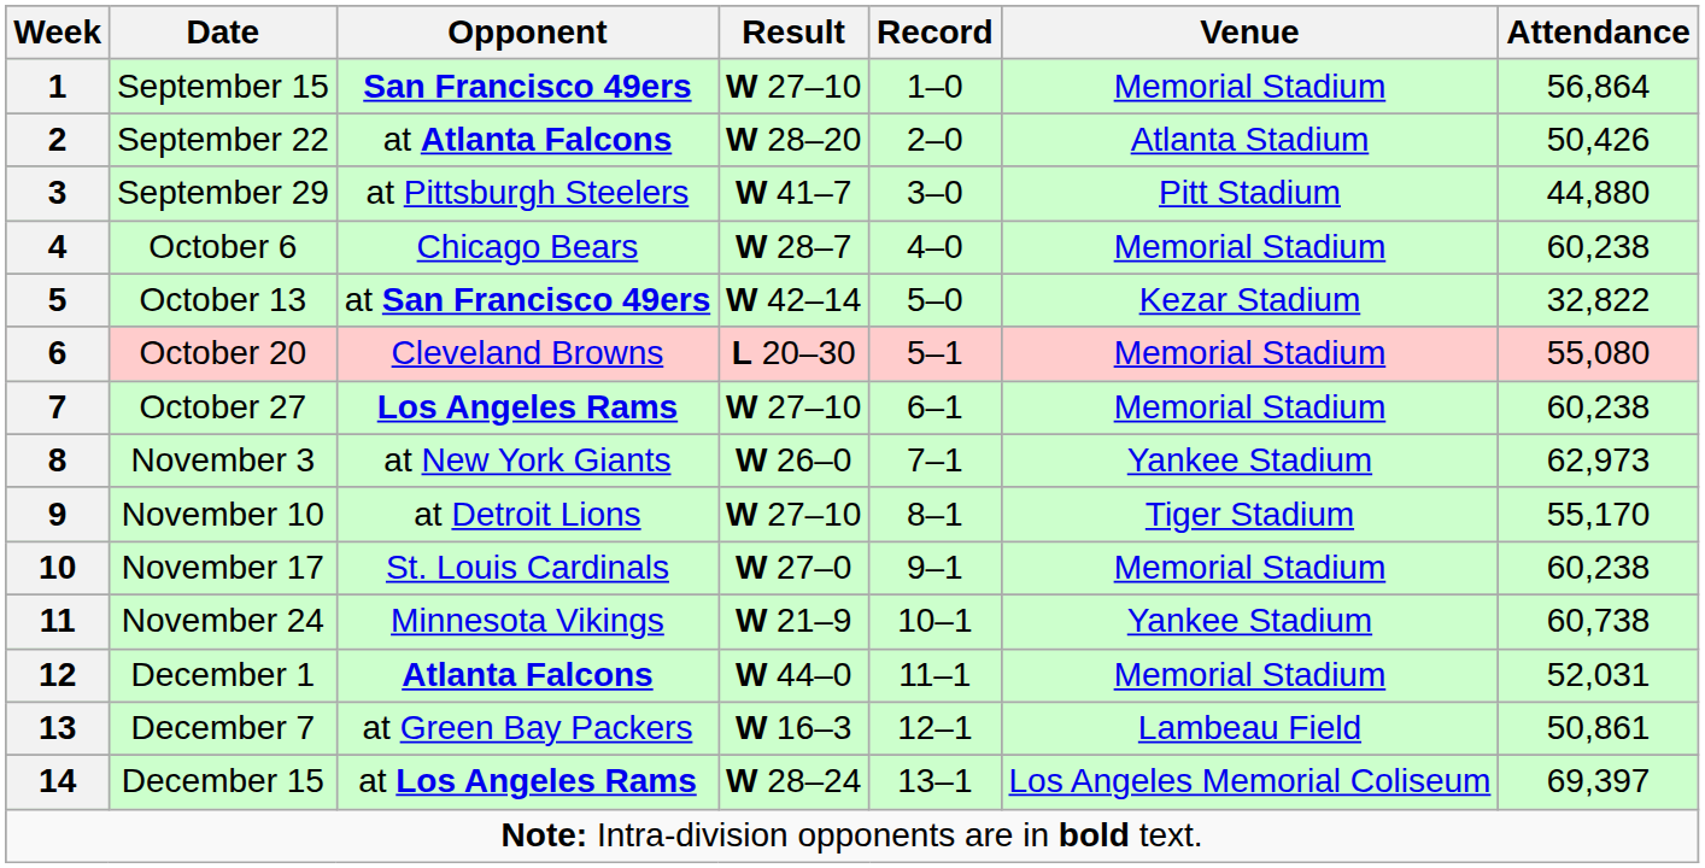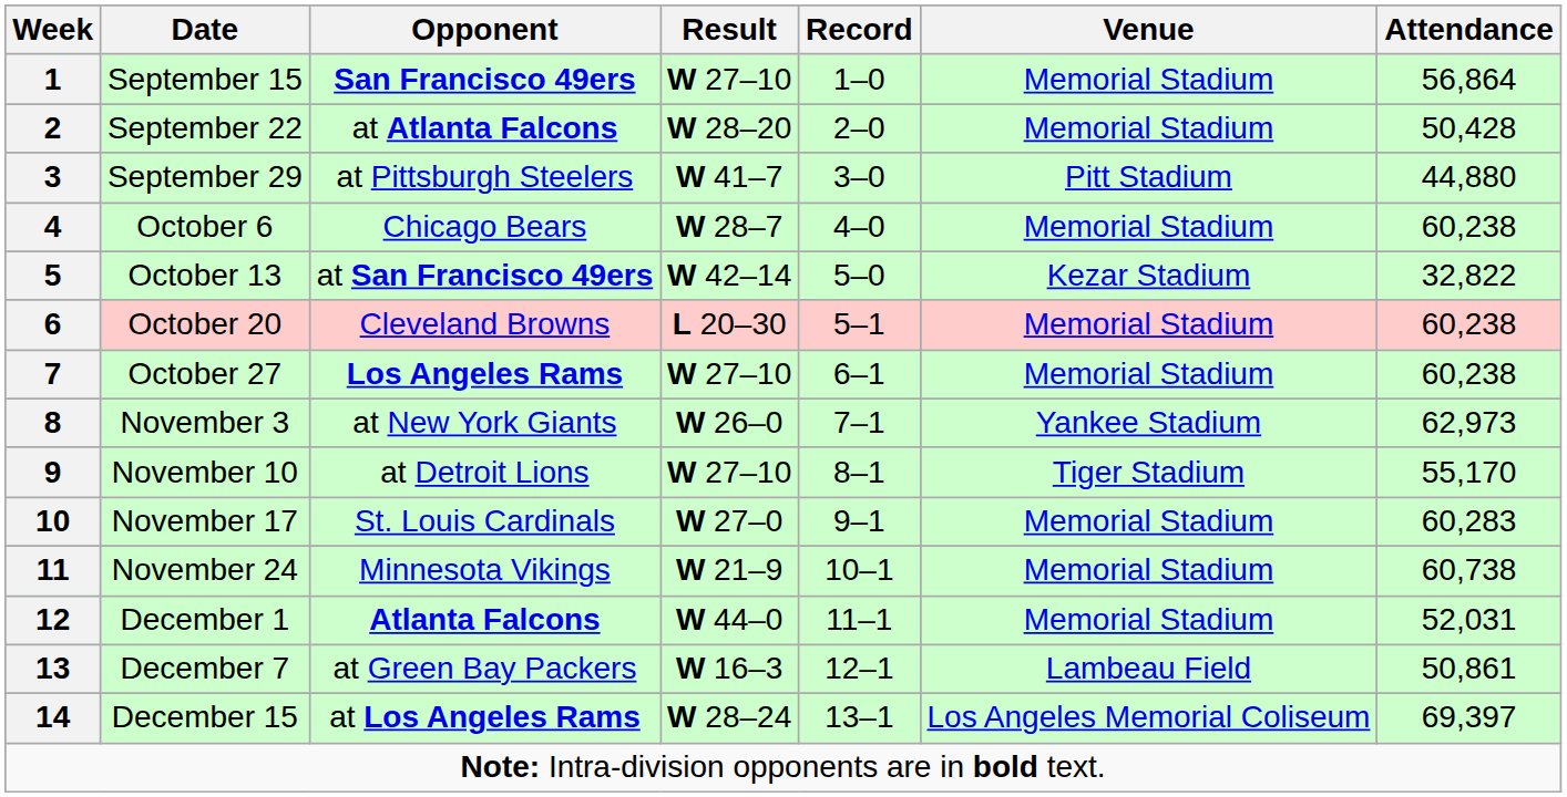 <table class="wikitable" style="text-align:center">
 <tr>
 <th>Week</th>
 <th>Date</th>
 <th>Opponent</th>
 <th>Result</th>
 <th>Record</th>
 <th>Venue</th>
 <th>Attendance</th>
 </tr>
 <tr style="background:#cfc">
 <th>1</th>
 <td>September 15</td>
 <td><strong><a href='#'>San Francisco 49ers</a></strong></td>
 <td><strong>W</strong> 27–10</td>
 <td>1–0</td>
 <td><a href='#'>Memorial Stadium</a></td>
 <td>56,864</td>
 </tr>
 <tr style="background:#cfc">
 <th>2</th>
 <td>September 22</td>
 <td>at <strong><a href='#'>Atlanta Falcons</a></strong></td>
 <td><strong>W</strong> 28–20</td>
 <td>2–0</td>
-<td><a href='#'>Atlanta Stadium</a></td>
-<td>50,426</td>
+<td><a href='#'>Memorial Stadium</a></td>
+<td>50,428</td>
 </tr>
 <tr style="background:#cfc">
 <th>3</th>
 <td>September 29</td>
 <td>at <a href='#'>Pittsburgh Steelers</a></td>
 <td><strong>W</strong> 41–7</td>
 <td>3–0</td>
 <td><a href='#'>Pitt Stadium</a></td>
 <td>44,880</td>
 </tr>
 <tr style="background:#cfc">
 <th>4</th>
 <td>October 6</td>
 <td><a href='#'>Chicago Bears</a></td>
 <td><strong>W</strong> 28–7</td>
 <td>4–0</td>
 <td><a href='#'>Memorial Stadium</a></td>
 <td>60,238</td>
 </tr>
 <tr style="background:#cfc">
 <th>5</th>
 <td>October 13</td>
 <td>at <strong><a href='#'>San Francisco 49ers</a></strong></td>
 <td><strong>W</strong> 42–14</td>
 <td>5–0</td>
 <td><a href='#'>Kezar Stadium</a></td>
 <td>32,822</td>
 </tr>
 <tr style="background:#fcc">
 <th>6</th>
 <td>October 20</td>
 <td><a href='#'>Cleveland Browns</a></td>
 <td><strong>L</strong> 20–30</td>
 <td>5–1</td>
 <td><a href='#'>Memorial Stadium</a></td>
-<td>55,080</td>
+<td>60,238</td>
 </tr>
 <tr style="background:#cfc">
 <th>7</th>
 <td>October 27</td>
 <td><strong><a href='#'>Los Angeles Rams</a></strong></td>
 <td><strong>W</strong> 27–10</td>
 <td>6–1</td>
 <td><a href='#'>Memorial Stadium</a></td>
 <td>60,238</td>
 </tr>
 <tr style="background:#cfc">
 <th>8</th>
 <td>November 3</td>
 <td>at <a href='#'>New York Giants</a></td>
 <td><strong>W</strong> 26–0</td>
 <td>7–1</td>
 <td><a href='#'>Yankee Stadium</a></td>
 <td>62,973</td>
 </tr>
 <tr style="background:#cfc">
 <th>9</th>
 <td>November 10</td>
 <td>at <a href='#'>Detroit Lions</a></td>
 <td><strong>W</strong> 27–10</td>
 <td>8–1</td>
 <td><a href='#'>Tiger Stadium</a></td>
 <td>55,170</td>
 </tr>
 <tr style="background:#cfc">
 <th>10</th>
 <td>November 17</td>
 <td><a href='#'>St. Louis Cardinals</a></td>
 <td><strong>W</strong> 27–0</td>
 <td>9–1</td>
 <td><a href='#'>Memorial Stadium</a></td>
-<td>60,238</td>
+<td>60,283</td>
 </tr>
 <tr style="background:#cfc">
 <th>11</th>
 <td>November 24</td>
 <td><a href='#'>Minnesota Vikings</a></td>
 <td><strong>W</strong> 21–9</td>
 <td>10–1</td>
-<td><a href='#'>Yankee Stadium</a></td>
+<td><a href='#'>Memorial Stadium</a></td>
 <td>60,738</td>
 </tr>
 <tr style="background:#cfc">
 <th>12</th>
 <td>December 1</td>
 <td><strong><a href='#'>Atlanta Falcons</a></strong></td>
 <td><strong>W</strong> 44–0</td>
 <td>11–1</td>
 <td><a href='#'>Memorial Stadium</a></td>
 <td>52,031</td>
 </tr>
 <tr style="background:#cfc">
 <th>13</th>
 <td>December 7</td>
 <td>at <a href='#'>Green Bay Packers</a></td>
 <td><strong>W</strong> 16–3</td>
 <td>12–1</td>
 <td><a href='#'>Lambeau Field</a></td>
 <td>50,861</td>
 </tr>
 <tr style="background:#cfc">
 <th>14</th>
 <td>December 15</td>
 <td>at <strong><a href='#'>Los Angeles Rams</a></strong></td>
 <td><strong>W</strong> 28–24</td>
 <td>13–1</td>
 <td><a href='#'>Los Angeles Memorial Coliseum</a></td>
 <td>69,397</td>
 </tr>
 <tr>
 <td colspan="8"><strong>Note:</strong> Intra-division opponents are in <strong>bold</strong> text.</td>
 </tr>
 </table>
